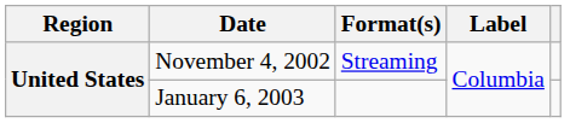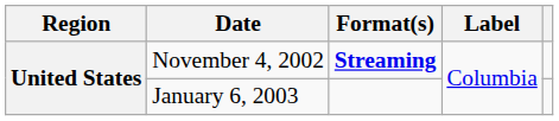 <table class="wikitable plainrowheaders">
 <tr>
 <th scope="col">Region</th>
 <th scope="col">Date</th>
 <th scope="col">Format(s)</th>
 <th scope="col">Label</th>
 <th scope="col"></th>
 </tr>
 <tr>
 <th scope="row" rowspan="2">United States</th>
 <td>November 4, 2002</td>
-<td><a href='#'>Streaming</a></td>
+<td><strong><a href='#'>Streaming</a></strong></td>
 <td rowspan="2"><a href='#'>Columbia</a></td>
 <td></td>
 </tr>
 <tr>
 <td>January 6, 2003</td>
 <td></td>
 <td></td>
 </tr>
 </table>
